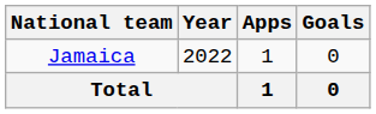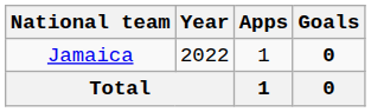 <table class=wikitable style="text-align:center">
 <tr>
 <th>National team</th>
 <th>Year</th>
 <th>Apps</th>
 <th>Goals</th>
 </tr>
 <tr>
 <td><a href='#'>Jamaica</a></td>
 <td>2022</td>
 <td>1</td>
-<td>0</td>
+<td><strong>0</strong></td>
 </tr>
 <tr>
 <th colspan="2">Total</th>
 <th>1</th>
 <th>0</th>
 </tr>
 </table>
